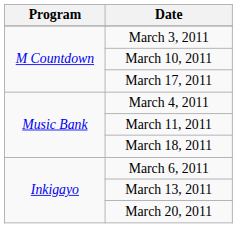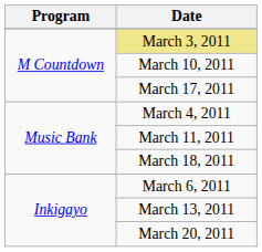 <table class="wikitable" style="text-align:center;">
 <tr>
 <th style="width:110px;">Program</th>
 <th style="width:140px;">Date</th>
 </tr>
 <tr>
 </tr>
 <tr>
 <td rowspan="3"><em><a href='#'>M Countdown</a></em></td>
-<td>March 3, 2011</td>
+<td style="background: khaki;">March 3, 2011</td>
 </tr>
 <tr>
 <td>March 10, 2011</td>
 </tr>
 <tr>
 <td>March 17, 2011</td>
 </tr>
 <tr>
 <td rowspan="3"><em><a href='#'>Music Bank</a></em></td>
 <td>March 4, 2011</td>
 </tr>
 <tr>
 <td>March 11, 2011</td>
 </tr>
 <tr>
 <td>March 18, 2011</td>
 </tr>
 <tr>
 <td rowspan="3"><em><a href='#'>Inkigayo</a></em></td>
 <td>March 6, 2011</td>
 </tr>
 <tr>
 <td>March 13, 2011</td>
 </tr>
 <tr>
 <td>March 20, 2011</td>
 </tr>
 </table>
